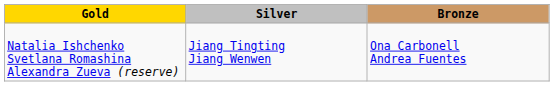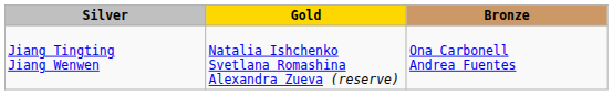 <table class="wikitable" style="text-align:left">
 <tr align="center">
+<td width=200 bgcolor=silver><strong>Silver</strong></td>
 <td width=200 bgcolor=gold><strong>Gold</strong></td>
-<td width=200 bgcolor=silver><strong>Silver</strong></td>
 <td width=200 bgcolor=CC9966><strong>Bronze</strong></td>
 </tr>
 <tr>
+<td><br><a href='#'>Jiang Tingting</a><br><a href='#'>Jiang Wenwen</a><br><br></td>
 <td><br><a href='#'>Natalia Ishchenko</a><br><a href='#'>Svetlana Romashina</a><br><a href='#'>Alexandra Zueva</a> <em>(reserve)</em></td>
-<td><br><a href='#'>Jiang Tingting</a><br><a href='#'>Jiang Wenwen</a><br><br></td>
 <td><br><a href='#'>Ona Carbonell</a><br><a href='#'>Andrea Fuentes</a><br><br></td>
 </tr>
 </table>
